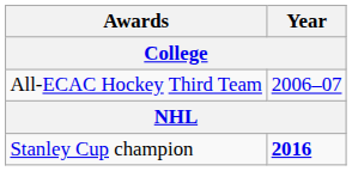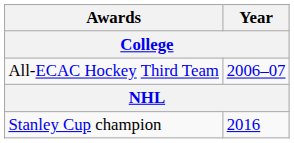 <table class="wikitable">
 <tr>
 <th>Awards</th>
 <th>Year</th>
 </tr>
 <tr>
 <th colspan="3"><a href='#'>College</a></th>
 </tr>
 <tr>
 <td>All-<a href='#'>ECAC Hockey</a> <a href='#'>Third Team</a></td>
 <td><a href='#'>2006–07</a></td>
 </tr>
 <tr>
 <th colspan="3"><a href='#'>NHL</a></th>
 </tr>
 <tr>
 <td><a href='#'>Stanley Cup</a> champion</td>
-<td><strong><a href='#'>2016</a></strong></td>
+<td><a href='#'>2016</a></td>
 </tr>
 </table>
